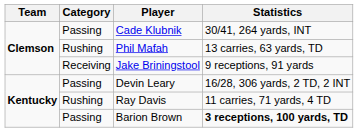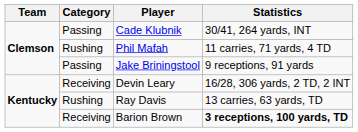 <table class="wikitable" style="float: right;">
 <tr>
 <th>Team</th>
 <th>Category</th>
 <th>Player</th>
 <th>Statistics</th>
 </tr>
 <tr>
 <td rowspan=3><strong>Clemson</strong></td>
 <td>Passing</td>
 <td><a href='#'>Cade Klubnik</a></td>
 <td>30/41, 264 yards, INT</td>
 </tr>
 <tr>
 <td>Rushing</td>
 <td><a href='#'>Phil Mafah</a></td>
-<td>13 carries, 63 yards, TD</td>
+<td>11 carries, 71 yards, 4 TD</td>
 </tr>
 <tr>
-<td>Receiving</td>
+<td>Passing</td>
 <td><a href='#'>Jake Briningstool</a></td>
 <td>9 receptions, 91 yards</td>
 </tr>
 <tr>
 <td rowspan=3><strong>Kentucky</strong></td>
-<td>Passing</td>
+<td>Receiving</td>
 <td>Devin Leary</td>
 <td>16/28, 306 yards, 2 TD, 2 INT</td>
 </tr>
 <tr>
 <td>Rushing</td>
 <td>Ray Davis</td>
-<td>11 carries, 71 yards, 4 TD</td>
+<td>13 carries, 63 yards, TD</td>
 </tr>
 <tr>
-<td>Passing</td>
+<td>Receiving</td>
 <td>Barion Brown</td>
 <td><strong>3 receptions, 100 yards, TD</strong></td>
 </tr>
 </table>
